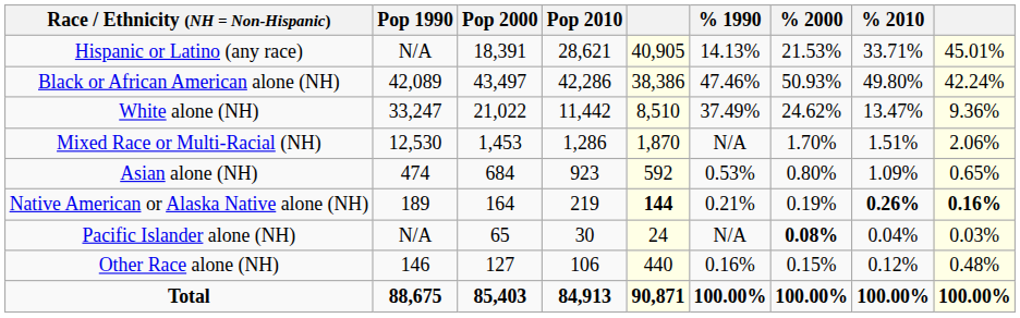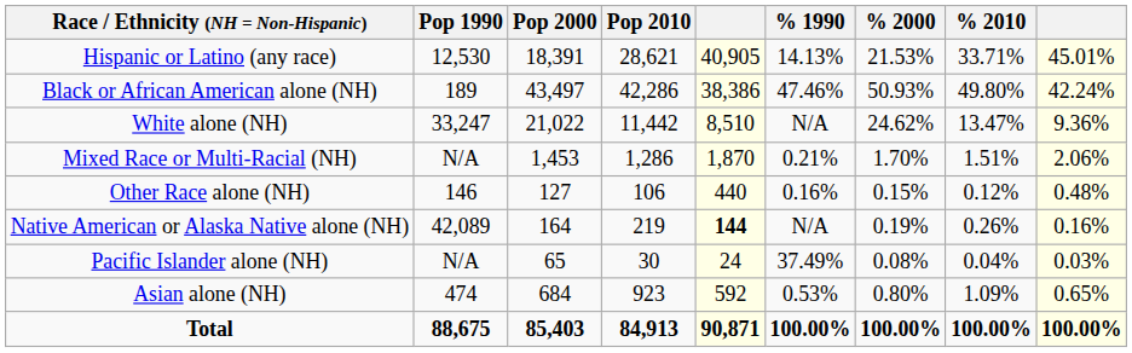 <table class="wikitable" style="text-align:center;">
 <tr>
 <th>Race / Ethnicity <small>(<em>NH = Non-Hispanic</em>)</small></th>
 <th>Pop 1990</th>
 <th>Pop 2000</th>
 <th>Pop 2010</th>
 <th></th>
 <th>% 1990</th>
 <th>% 2000</th>
 <th>% 2010</th>
 <th></th>
 </tr>
 <tr>
 <td><a href='#'>Hispanic or Latino</a> (any race)</td>
-<td>N/A</td>
+<td>12,530</td>
 <td>18,391</td>
 <td>28,621</td>
 <td style="background: #ffffe6; ">40,905</td>
 <td>14.13%</td>
 <td>21.53%</td>
 <td>33.71%</td>
 <td style="background: #ffffe6; ">45.01%</td>
 </tr>
 <tr>
 <td><a href='#'>Black or African American</a> alone (NH)</td>
-<td>42,089</td>
+<td>189</td>
 <td>43,497</td>
 <td>42,286</td>
 <td style="background: #ffffe6; ">38,386</td>
 <td>47.46%</td>
 <td>50.93%</td>
 <td>49.80%</td>
 <td style="background: #ffffe6; ">42.24%</td>
 </tr>
 <tr>
 <td><a href='#'>White</a> alone (NH)</td>
 <td>33,247</td>
 <td>21,022</td>
 <td>11,442</td>
 <td style='background: #ffffe6;'>8,510</td>
-<td>37.49%</td>
+<td>N/A</td>
 <td>24.62%</td>
 <td>13.47%</td>
 <td style='background: #ffffe6;'>9.36%</td>
 </tr>
 <tr>
 <td><a href='#'>Mixed Race or Multi-Racial</a> (NH)</td>
-<td>12,530</td>
+<td>N/A</td>
 <td>1,453</td>
 <td>1,286</td>
 <td style='background: #ffffe6;'>1,870</td>
-<td>N/A</td>
+<td>0.21%</td>
 <td>1.70%</td>
 <td>1.51%</td>
 <td style='background: #ffffe6;'>2.06%</td>
+</tr>
+<tr>
+<td><a href='#'>Other Race</a> alone (NH)</td>
+<td>146</td>
+<td>127</td>
+<td>106</td>
+<td style="background: #ffffe6; ">440</td>
+<td>0.16%</td>
+<td>0.15%</td>
+<td>0.12%</td>
+<td style="background: #ffffe6; ">0.48%</td>
+</tr>
+<tr>
+<td><a href='#'>Native American</a> or <a href='#'>Alaska Native</a> alone (NH)</td>
+<td>42,089</td>
+<td>164</td>
+<td>219</td>
+<td style="background: #ffffe6; "><strong>144</strong></td>
+<td>N/A</td>
+<td>0.19%</td>
+<td>0.26%</td>
+<td style="background: #ffffe6; ">0.16%</td>
+</tr>
+<tr>
+<td><a href='#'>Pacific Islander</a> alone (NH)</td>
+<td>N/A</td>
+<td>65</td>
+<td>30</td>
+<td style="background: #ffffe6; ">24</td>
+<td>37.49%</td>
+<td>0.08%</td>
+<td>0.04%</td>
+<td style="background: #ffffe6; ">0.03%</td>
 </tr>
 <tr>
 <td><a href='#'>Asian</a> alone (NH)</td>
 <td>474</td>
 <td>684</td>
 <td>923</td>
 <td style="background: #ffffe6; ">592</td>
 <td>0.53%</td>
 <td>0.80%</td>
 <td>1.09%</td>
 <td style="background: #ffffe6; ">0.65%</td>
 </tr>
 <tr>
-<td><a href='#'>Native American</a> or <a href='#'>Alaska Native</a> alone (NH)</td>
-<td>189</td>
-<td>164</td>
-<td>219</td>
-<td style="background: #ffffe6; "><strong>144</strong></td>
-<td>0.21%</td>
-<td>0.19%</td>
-<td><strong>0.26%</strong></td>
-<td style="background: #ffffe6; "><strong>0.16%</strong></td>
-</tr>
-<tr>
-<td><a href='#'>Pacific Islander</a> alone (NH)</td>
-<td>N/A</td>
-<td>65</td>
-<td>30</td>
-<td style="background: #ffffe6; ">24</td>
-<td>N/A</td>
-<td><strong>0.08%</strong></td>
-<td>0.04%</td>
-<td style="background: #ffffe6; ">0.03%</td>
-</tr>
-<tr>
-<td><a href='#'>Other Race</a> alone (NH)</td>
-<td>146</td>
-<td>127</td>
-<td>106</td>
-<td style="background: #ffffe6; ">440</td>
-<td>0.16%</td>
-<td>0.15%</td>
-<td>0.12%</td>
-<td style="background: #ffffe6; ">0.48%</td>
-</tr>
-<tr>
 <td><strong>Total</strong></td>
 <td><strong>88,675</strong></td>
 <td><strong>85,403</strong></td>
 <td><strong>84,913</strong></td>
 <td style='background: #ffffe6;'><strong>90,871</strong></td>
 <td><strong>100.00%</strong></td>
 <td><strong>100.00%</strong></td>
 <td><strong>100.00%</strong></td>
 <td style='background: #ffffe6;'><strong>100.00%</strong></td>
 </tr>
 </table>
